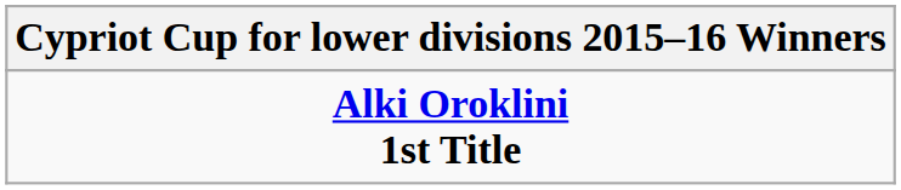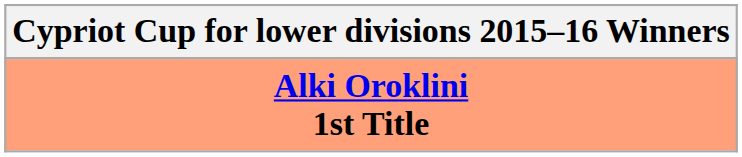 <table class="wikitable" style="text-align: center; margin: 0 auto;">
 <tr>
 <th>Cypriot Cup for lower divisions 2015–16 Winners</th>
 </tr>
 <tr>
 </tr>
 <tr>
-<td><strong><a href='#'>Alki Oroklini</a></strong><br><strong>1st Title</strong></td>
+<td style="background: lightsalmon;"><strong><a href='#'>Alki Oroklini</a></strong><br><strong>1st Title</strong></td>
 </tr>
 </table>
